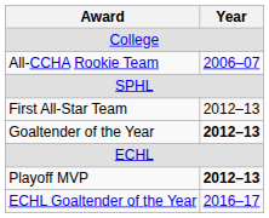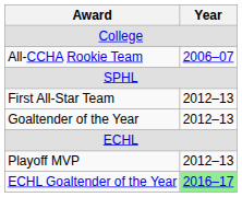 <table class="wikitable">
 <tr>
 <th>Award</th>
 <th>Year</th>
 </tr>
 <tr ALIGN="center" bgcolor="#e0e0e0">
 <td colspan="3"><a href='#'>College</a></td>
 </tr>
 <tr>
 <td>All-<a href='#'>CCHA</a> <a href='#'>Rookie Team</a></td>
 <td><a href='#'>2006–07</a></td>
 </tr>
 <tr ALIGN="center" bgcolor="#e0e0e0">
 <td colspan="3"><a href='#'>SPHL</a></td>
 </tr>
 <tr>
 <td>First All-Star Team</td>
 <td>2012–13</td>
 </tr>
 <tr>
 <td>Goaltender of the Year</td>
-<td><strong>2012–13</strong></td>
+<td>2012–13</td>
 </tr>
 <tr ALIGN="center" bgcolor="#e0e0e0">
 <td colspan="3"><a href='#'>ECHL</a></td>
 </tr>
 <tr>
 <td>Playoff MVP</td>
-<td><strong>2012–13</strong></td>
+<td>2012–13</td>
 </tr>
 <tr>
 <td><a href='#'>ECHL Goaltender of the Year</a></td>
-<td><a href='#'>2016–17</a></td>
+<td style="background: lightgreen;"><a href='#'>2016–17</a></td>
 </tr>
 </table>
